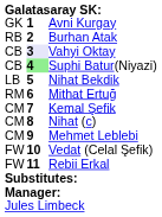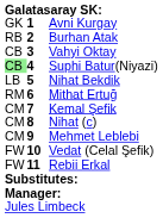 <table style="font-size: 90%" cellspacing="0" cellpadding="0">
 <tr>
 <td colspan="4"><strong>Galatasaray SK:</strong></td>
 </tr>
 <tr>
 <th width="25"></th>
 <th width="25"></th>
 </tr>
 <tr>
 <td>GK</td>
 <td><strong>1</strong></td>
 <td> <a href='#'>Avni Kurgay</a></td>
 </tr>
 <tr>
 <td>RB</td>
 <td><strong>2</strong></td>
 <td> <a href='#'>Burhan Atak</a></td>
 </tr>
 <tr>
 <td>CB</td>
-<td style="background: lavender;"><strong>3</strong></td>
+<td><strong>3</strong></td>
 <td> <a href='#'>Vahyi Oktay</a></td>
 </tr>
 <tr>
-<td>CB</td>
-<td style="background: lightgreen;"><strong>4</strong></td>
+<td style="background: lightgreen;">CB</td>
+<td><strong>4</strong></td>
 <td> <a href='#'>Suphi Batur</a>(Niyazi)</td>
 </tr>
 <tr>
 <td>LB</td>
 <td><strong>5</strong></td>
 <td> <a href='#'>Nihat Bekdik</a></td>
 </tr>
 <tr>
 <td>RM</td>
 <td><strong>6</strong></td>
 <td> <a href='#'>Mithat Ertuğ</a></td>
 </tr>
 <tr>
 <td>CM</td>
 <td><strong>7</strong></td>
 <td> <a href='#'>Kemal Şefik</a></td>
 </tr>
 <tr>
 <td>CM</td>
 <td><strong>8</strong></td>
 <td> <a href='#'>Nihat</a> (<a href='#'>c</a>)</td>
 </tr>
 <tr>
 <td>CM</td>
 <td><strong>9</strong></td>
 <td> <a href='#'>Mehmet Leblebi</a></td>
 </tr>
 <tr>
 <td>FW</td>
 <td><strong>10</strong></td>
 <td> <a href='#'>Vedat</a> (Celal Şefik)</td>
 </tr>
 <tr>
 <td>FW</td>
 <td><strong>11</strong></td>
 <td> <a href='#'>Rebii Erkal</a></td>
 </tr>
 <tr>
 <td colspan=4><strong>Substitutes:</strong></td>
 </tr>
 <tr>
 <td colspan=4><strong>Manager:</strong></td>
 </tr>
 <tr>
 <td colspan="4"> <a href='#'>Jules Limbeck</a></td>
 </tr>
 </table>
